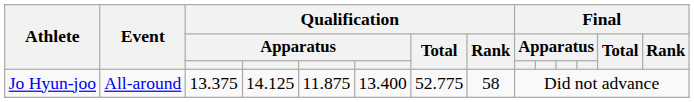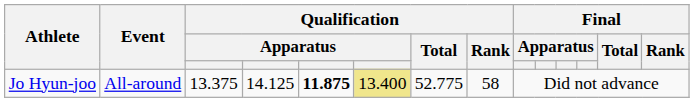 <table class="wikitable" style="font-size:90%">
 <tr>
 <th rowspan="3">Athlete</th>
 <th rowspan="3">Event</th>
 <th colspan=6>Qualification</th>
 <th colspan=6>Final</th>
 </tr>
 <tr style="font-size:95%">
 <th colspan=4>Apparatus</th>
 <th rowspan=2>Total</th>
 <th rowspan=2>Rank</th>
 <th colspan=4>Apparatus</th>
 <th rowspan=2>Total</th>
 <th rowspan=2>Rank</th>
 </tr>
 <tr style="font-size:95%">
 <th></th>
 <th></th>
 <th></th>
 <th></th>
 <th></th>
 <th></th>
 <th></th>
 <th></th>
 </tr>
 <tr align=center>
 <td align=left><a href='#'>Jo Hyun-joo</a></td>
 <td align=left><a href='#'>All-around</a></td>
 <td>13.375</td>
 <td>14.125</td>
-<td>11.875</td>
-<td>13.400</td>
+<td><strong>11.875</strong></td>
+<td style="background: khaki;">13.400</td>
 <td>52.775</td>
 <td>58</td>
 <td colspan=6>Did not advance</td>
 </tr>
 </table>
